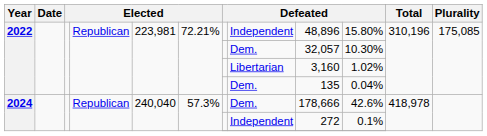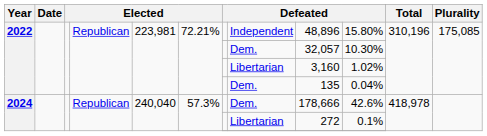 <table class=wikitable>
 <tr>
 <th>Year</th>
 <th>Date</th>
 <th ! colspan="4">Elected</th>
 <th ! colspan="4">Defeated</th>
 <th>Total</th>
 <th>Plurality</th>
 </tr>
 <tr>
 <th rowspan="4" valign="top"><a href='#'>2022</a></th>
 <td rowspan="4" valign="top"></td>
 <td rowspan="4" valign="top"></td>
 <td rowspan="4" valign="top" ><a href='#'>Republican</a></td>
 <td rowspan="4" valign="top" align="right">223,981</td>
 <td rowspan="4" valign="top" align="right">72.21%</td>
 <td valign="top"></td>
 <td valign="top" ><a href='#'>Independent</a></td>
 <td valign="top" align="right">48,896</td>
 <td valign="top" align="right">15.80%</td>
 <td rowspan="4" valign="top" align="right">310,196</td>
 <td rowspan="4" valign="top" align="right">175,085</td>
 </tr>
 <tr>
 <td valign="top"></td>
 <td valign="top" ><a href='#'>Dem.</a></td>
 <td valign="top" align="right">32,057</td>
 <td valign="top" align="right">10.30%</td>
 </tr>
 <tr>
 <td valign="top"></td>
 <td valign="top" ><a href='#'>Libertarian</a></td>
 <td valign="top" align="right">3,160</td>
 <td valign="top" align="right">1.02%</td>
 </tr>
 <tr>
 <td valign="top"></td>
 <td valign="top" ><a href='#'>Dem.</a></td>
 <td valign="top" align="right">135</td>
 <td valign="top" align="right">0.04%</td>
 </tr>
 <tr>
 <th rowspan="3" valign="top"><a href='#'>2024</a></th>
 <td rowspan="3" valign="top"></td>
 <td rowspan="3" valign="top"></td>
 <td rowspan="3" valign="top" ><a href='#'>Republican</a></td>
 <td rowspan="3" valign="top" align="right">240,040</td>
 <td rowspan="3" valign="top" align="right">57.3%</td>
 <td valign="top"></td>
 <td valign="top" ><a href='#'>Dem.</a></td>
 <td valign="top" align="right">178,666</td>
 <td valign="top" align="right">42.6%</td>
 <td rowspan="3" valign="top" align="right">418,978</td>
 <td rowspan="3" valign="top" align="right"></td>
 </tr>
 <tr>
 <td valign="top"></td>
-<td valign="top" ><a href='#'>Independent</a></td>
+<td valign="top" ><a href='#'>Libertarian</a></td>
 <td valign="top" align="right">272</td>
 <td valign="top" align="right">0.1%</td>
 </tr>
 <tr>
 </tr>
 </table>
